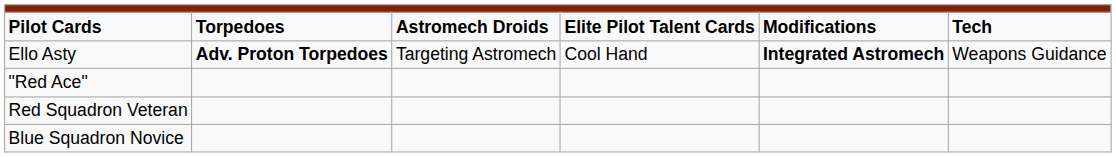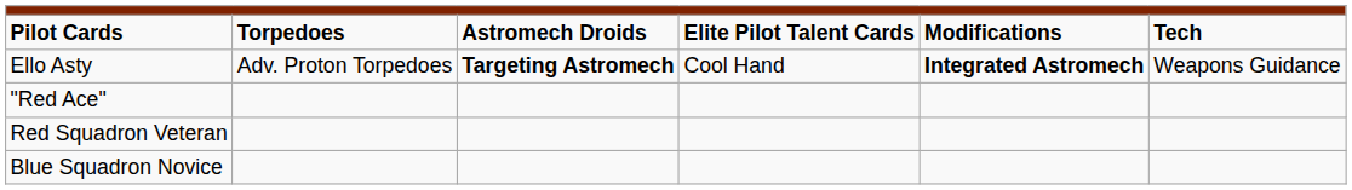 <table class="wikitable">
 <tr style="background:#802200;">
 <td colspan="8"></td>
 </tr>
 <tr>
 <td><strong>Pilot Cards</strong></td>
 <td><strong>Torpedoes</strong></td>
 <td><strong>Astromech Droids</strong></td>
 <td><strong>Elite Pilot Talent Cards</strong></td>
 <td><strong>Modifications</strong></td>
 <td><strong>Tech</strong></td>
 </tr>
 <tr>
 <td>Ello Asty</td>
-<td><strong>Adv. Proton Torpedoes</strong></td>
-<td>Targeting Astromech</td>
+<td>Adv. Proton Torpedoes</td>
+<td><strong>Targeting Astromech</strong></td>
 <td>Cool Hand</td>
 <td><strong>Integrated Astromech</strong></td>
 <td>Weapons Guidance</td>
 </tr>
 <tr>
 <td>"Red Ace"</td>
 <td></td>
 <td></td>
 <td></td>
 <td></td>
 <td></td>
 </tr>
 <tr>
 <td>Red Squadron Veteran</td>
 <td></td>
 <td></td>
 <td></td>
 <td></td>
 <td></td>
 </tr>
 <tr>
 <td>Blue Squadron Novice</td>
 <td></td>
 <td></td>
 <td></td>
 <td></td>
 <td></td>
 </tr>
 </table>
